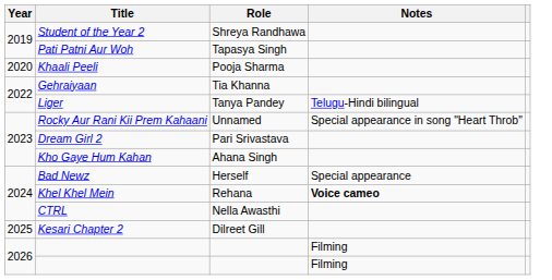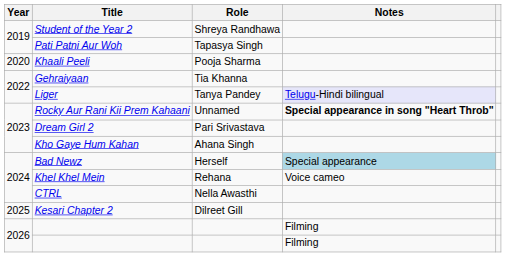 <table class="wikitable sortable">
 <tr>
 <th scope="col">Year</th>
 <th scope="col">Title</th>
 <th scope="col">Role</th>
 <th class="unsortable" scope="col">Notes</th>
 <th class="unsortable" scope="col"></th>
 </tr>
 <tr>
 <td rowspan="2">2019</td>
 <td><em><a href='#'>Student of the Year 2</a></em></td>
 <td>Shreya Randhawa</td>
 <td></td>
 <td style="text-align:center;"></td>
 </tr>
 <tr>
 <td><em><a href='#'>Pati Patni Aur Woh</a></em></td>
 <td>Tapasya Singh</td>
 <td></td>
 <td style="text-align:center;"></td>
 </tr>
 <tr>
 <td>2020</td>
 <td><em><a href='#'>Khaali Peeli</a></em></td>
 <td>Pooja Sharma</td>
 <td></td>
 <td style="text-align:center;"></td>
 </tr>
 <tr>
 <td rowspan="2">2022</td>
 <td><em><a href='#'>Gehraiyaan</a></em></td>
 <td>Tia Khanna</td>
 <td></td>
 <td style="text-align:center;"></td>
 </tr>
 <tr>
 <td><em><a href='#'>Liger</a></em></td>
 <td>Tanya Pandey</td>
-<td><a href='#'>Telugu</a>-Hindi bilingual</td>
+<td style="background: lavender;"><a href='#'>Telugu</a>-Hindi bilingual</td>
 <td style="text-align:center;"></td>
 </tr>
 <tr>
 <td rowspan="3">2023</td>
 <td scope="row"><em><a href='#'>Rocky Aur Rani Kii Prem Kahaani</a></em></td>
 <td>Unnamed</td>
-<td>Special appearance in song "Heart Throb"</td>
+<td><strong>Special appearance in song "Heart Throb"</strong></td>
 <td style="text-align:center;"></td>
 </tr>
 <tr>
 <td scope="row"><em><a href='#'>Dream Girl 2</a></em></td>
 <td>Pari Srivastava</td>
 <td></td>
 <td style="text-align:center;"></td>
 </tr>
 <tr>
 <td scope="row"><em><a href='#'>Kho Gaye Hum Kahan</a></em></td>
 <td>Ahana Singh</td>
 <td></td>
 <td style="text-align:center;"></td>
 </tr>
 <tr>
 <td rowspan="3">2024</td>
 <td scope="row"><em><a href='#'>Bad Newz</a></em></td>
 <td>Herself</td>
-<td>Special appearance</td>
+<td style="background: lightblue;">Special appearance</td>
 <td style="text-align:center;"></td>
 </tr>
 <tr>
 <td><em><a href='#'>Khel Khel Mein</a></em></td>
 <td>Rehana</td>
-<td><strong>Voice cameo</strong></td>
+<td>Voice cameo</td>
 <td style="text-align:center;"></td>
 </tr>
 <tr>
 <td><em><a href='#'>CTRL</a></em></td>
 <td>Nella Awasthi</td>
 <td></td>
 <td style="text-align:center;"></td>
 </tr>
 <tr>
 <td>2025</td>
 <td><em><a href='#'>Kesari Chapter 2</a></em></td>
 <td>Dilreet Gill</td>
 <td></td>
 <td style="text-align:center;"></td>
 </tr>
 <tr>
 <td rowspan="2">2026</td>
 <td></td>
 <td></td>
 <td>Filming</td>
 <td></td>
 </tr>
 <tr>
 <td></td>
 <td></td>
 <td>Filming</td>
 <td style="text-align:center;"></td>
 </tr>
 </table>
